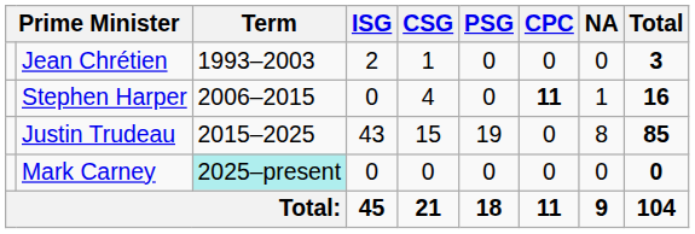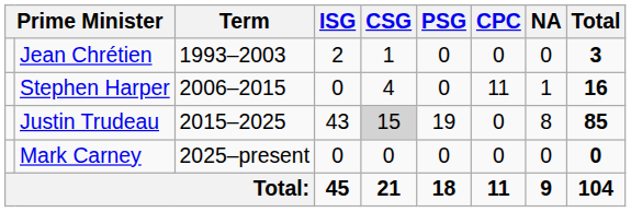 <table class="wikitable">
 <tr>
 <th colspan="2">Prime Minister</th>
 <th>Term</th>
 <th><a href='#'>ISG</a></th>
 <th><a href='#'>CSG</a></th>
 <th><a href='#'>PSG</a></th>
 <th><a href='#'>CPC</a></th>
 <th><abbr>NA</abbr></th>
 <th>Total</th>
 </tr>
 <tr>
 <td style="background:"></td>
 <td><a href='#'>Jean Chrétien</a></td>
 <td>1993–2003</td>
 <td style="text-align:center;">2</td>
 <td style="text-align:center;">1</td>
 <td style="text-align:center;">0</td>
 <td style="text-align:center;">0</td>
 <td style="text-align:center;">0</td>
 <td style="text-align:center;"><strong>3</strong></td>
 </tr>
 <tr>
 <td style="background:"></td>
 <td><a href='#'>Stephen Harper</a></td>
 <td>2006–2015</td>
 <td style="text-align:center;">0</td>
 <td style="text-align:center;">4</td>
 <td style="text-align:center;">0</td>
-<td style="text-align:center;"><strong>11</strong></td>
+<td style="text-align:center;">11</td>
 <td style="text-align:center;">1</td>
 <td style="text-align:center;"><strong>16</strong></td>
 </tr>
 <tr>
 <td style="background:"></td>
 <td><a href='#'>Justin Trudeau</a></td>
 <td>2015–2025</td>
 <td style="text-align:center;">43</td>
-<td style="text-align:center;">15</td>
+<td style="background: lightgrey; text-align:center;">15</td>
 <td style="text-align:center;">19</td>
 <td style="text-align:center;">0</td>
 <td style="text-align:center;">8</td>
 <td style="text-align:center;"><strong>85</strong></td>
 </tr>
 <tr>
 <td style="background:"></td>
 <td><a href='#'>Mark Carney</a></td>
-<td style="background: paleturquoise;">2025–present</td>
+<td>2025–present</td>
 <td style="text-align:center;">0</td>
 <td style="text-align:center;">0</td>
 <td style="text-align:center;">0</td>
 <td style="text-align:center;">0</td>
 <td style="text-align:center;">0</td>
 <td style="text-align:center;"><strong>0</strong></td>
 </tr>
 <tr>
 <th colspan="3" style="text-align:right;"><strong>Total:</strong></th>
 <td style="text-align:center;"><strong>45</strong></td>
 <td style="text-align:center;"><strong>21</strong></td>
 <td style="text-align:center;"><strong>18</strong></td>
 <td style="text-align:center;"><strong>11</strong></td>
 <td style="text-align:center;"><strong>9</strong></td>
 <td style="text-align:center;"><strong>104</strong></td>
 </tr>
 </table>
